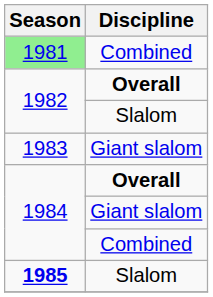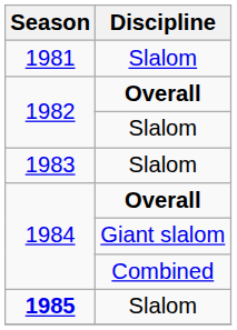 <table class="wikitable">
 <tr>
 <th>Season</th>
 <th>Discipline</th>
 </tr>
 <tr>
-<td rowspan=1 align=center style="background: lightgreen;"><a href='#'>1981</a></td>
-<td align=center><a href='#'>Combined</a></td>
+<td rowspan=1 align=center><a href='#'>1981</a></td>
+<td align=center><a href='#'>Slalom</a></td>
 </tr>
 <tr>
 <td rowspan=2 align=center><a href='#'>1982</a></td>
 <td align=center><strong>Overall</strong></td>
 </tr>
 <tr>
 <td align=center>Slalom</td>
 </tr>
 <tr>
 <td rowspan=1 align=center><a href='#'>1983</a></td>
-<td align=center><a href='#'>Giant slalom</a></td>
+<td align=center>Slalom</td>
 </tr>
 <tr>
 <td rowspan=3 align=center><a href='#'>1984</a></td>
 <td align=center><strong>Overall</strong></td>
 </tr>
 <tr>
 <td align=center><a href='#'>Giant slalom</a></td>
 </tr>
 <tr>
 <td align=center><a href='#'>Combined</a></td>
 </tr>
 <tr>
 <td rowspan=1 align=center><strong><a href='#'>1985</a></strong></td>
 <td align=center>Slalom</td>
 </tr>
 <tr>
 </tr>
 </table>
